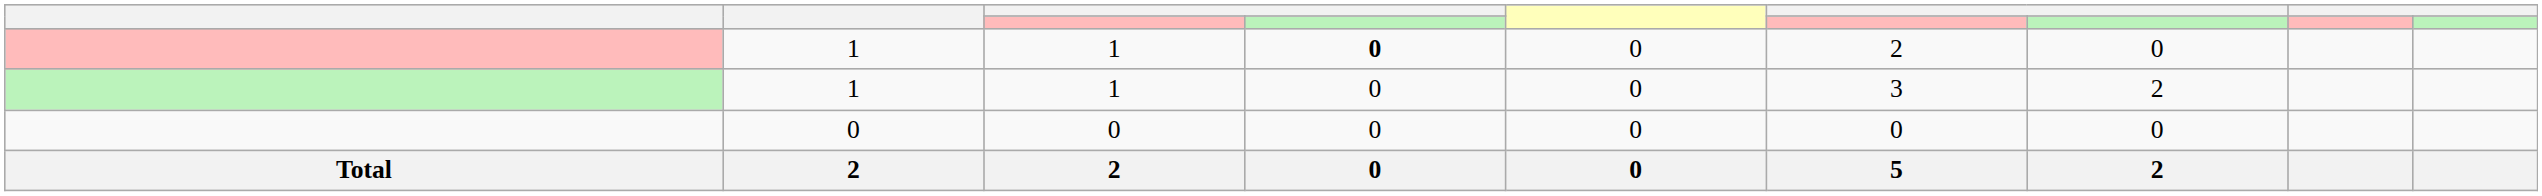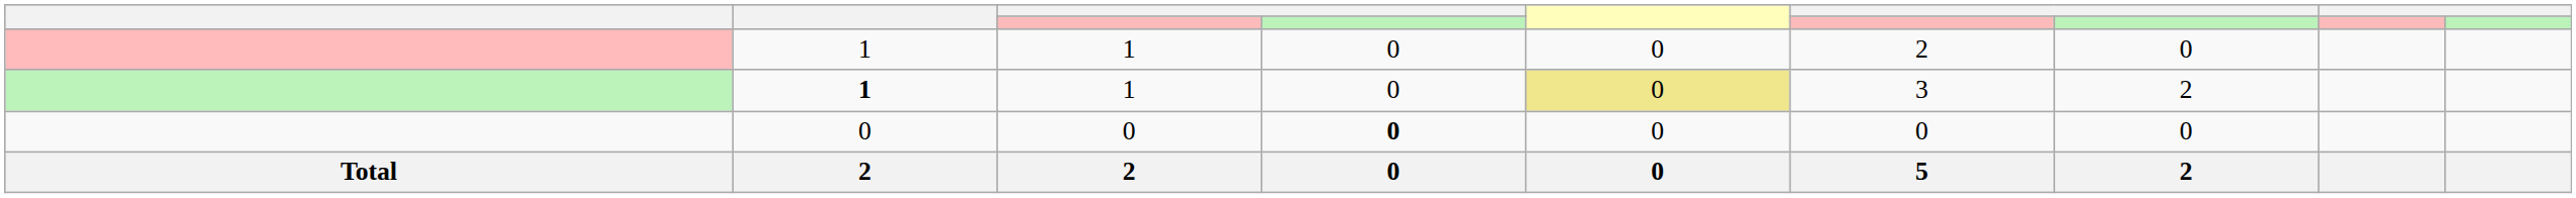 <table class="wikitable sortable" style="text-align:center; width:100%;">
 <tr>
 <th rowspan="2"></th>
 <th rowspan="2"></th>
 <th colspan="2"></th>
 <th rowspan="2" style="background-color:#FFFFBB;"></th>
 <th colspan="2"></th>
 <th colspan="2"></th>
 </tr>
 <tr>
 <th style="background-color:#FFBBBB;"></th>
 <th style="background-color:#BBF3BB;"></th>
 <th style="background-color:#FFBBBB;"></th>
 <th style="background-color:#BBF3BB;"></th>
 <th style="background-color:#FFBBBB;"></th>
 <th style="background-color:#BBF3BB;"></th>
 </tr>
 <tr>
 <th style="background-color:#FFBBBB;"></th>
 <td>1</td>
 <td>1</td>
-<td><strong>0</strong></td>
+<td>0</td>
 <td>0</td>
 <td>2</td>
 <td>0</td>
 <td></td>
 <td></td>
 </tr>
 <tr>
 <th style="background-color:#BBF3BB;"></th>
-<td>1</td>
+<td><strong>1</strong></td>
 <td>1</td>
 <td>0</td>
-<td>0</td>
+<td style="background: khaki;">0</td>
 <td>3</td>
 <td>2</td>
 <td></td>
 <td></td>
 </tr>
 <tr>
 <td></td>
 <td>0</td>
 <td>0</td>
-<td>0</td>
+<td><strong>0</strong></td>
 <td>0</td>
 <td>0</td>
 <td>0</td>
 <td></td>
 <td></td>
 </tr>
 <tr>
 <th>Total</th>
 <th>2</th>
 <th>2</th>
 <th>0</th>
 <th>0</th>
 <th>5</th>
 <th>2</th>
 <th></th>
 <th></th>
 </tr>
 </table>
